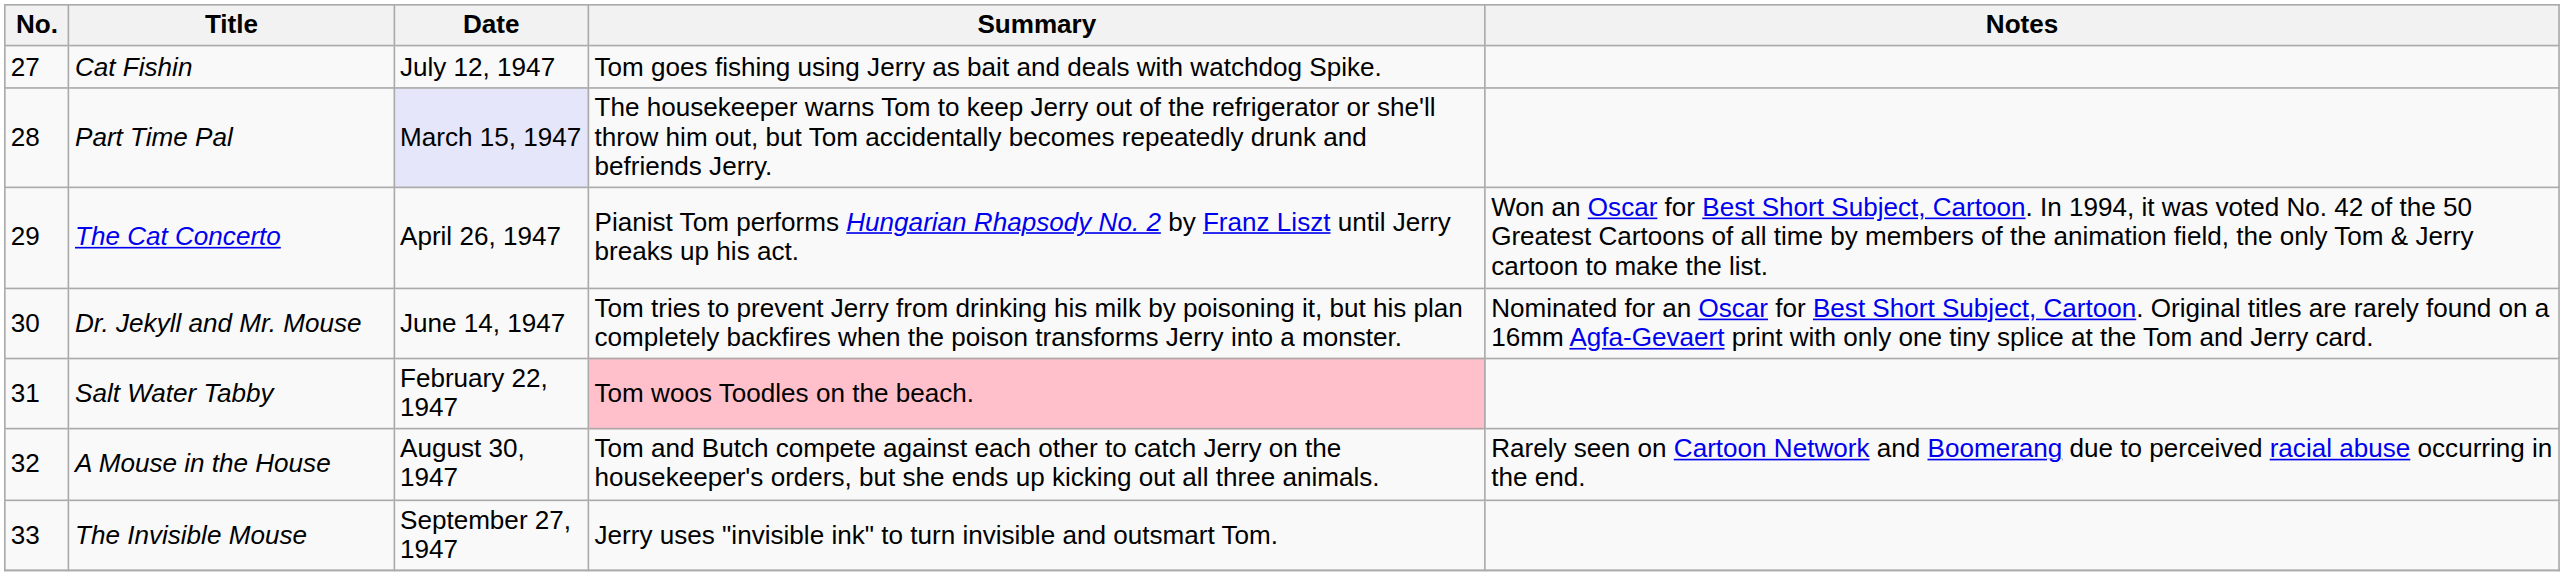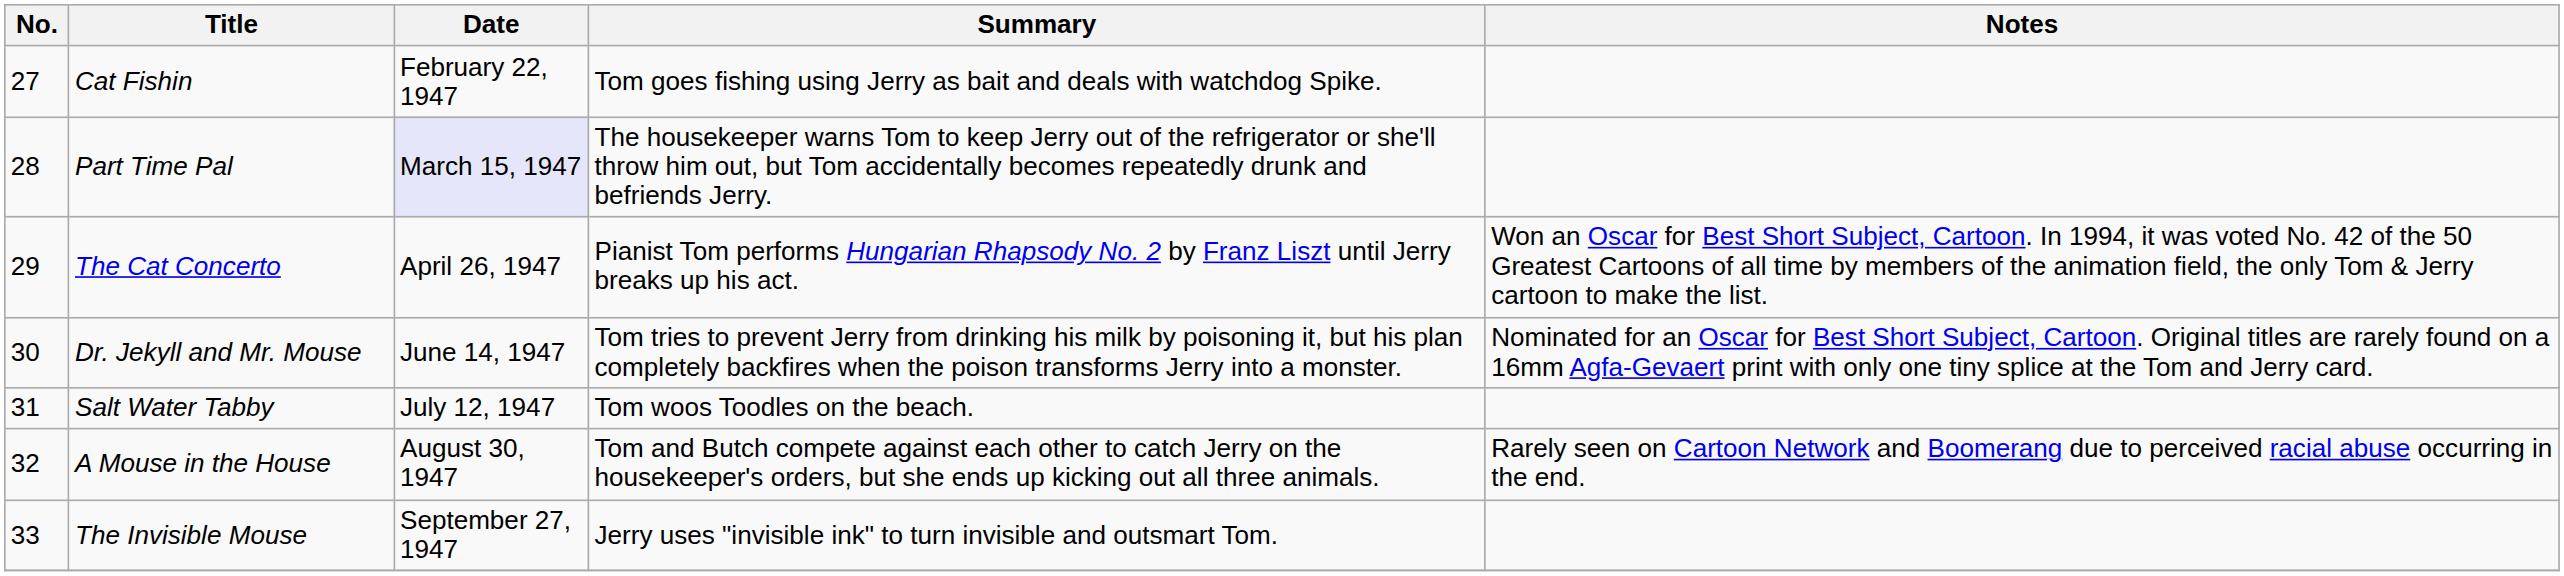 <table class="wikitable">
 <tr>
 <th style="width:2em">No.</th>
 <th style="width:12em">Title</th>
 <th style="width:7em">Date</th>
 <th>Summary</th>
 <th>Notes</th>
 </tr>
 <tr>
 <td>27</td>
 <td><em>Cat Fishin</em></td>
-<td>July 12, 1947</td>
+<td>February 22, 1947</td>
 <td>Tom goes fishing using Jerry as bait and deals with watchdog Spike.</td>
 <td></td>
 </tr>
 <tr>
 <td>28</td>
 <td><em>Part Time Pal</em></td>
 <td style="background: lavender;">March 15, 1947</td>
 <td>The housekeeper  warns Tom to keep Jerry out of the refrigerator or she'll throw him out, but Tom accidentally becomes repeatedly drunk and befriends Jerry.</td>
 <td></td>
 </tr>
 <tr>
 <td>29</td>
 <td><em><a href='#'>The Cat Concerto</a></em></td>
 <td>April 26, 1947</td>
 <td>Pianist Tom performs <em><a href='#'>Hungarian Rhapsody No. 2</a></em> by <a href='#'>Franz Liszt</a> until Jerry breaks up his act.</td>
 <td>Won an <a href='#'>Oscar</a> for <a href='#'>Best Short Subject, Cartoon</a>. In 1994, it was voted No. 42 of the 50 Greatest Cartoons of all time by members of the animation field, the only Tom & Jerry cartoon to make the list.</td>
 </tr>
 <tr>
 <td>30</td>
 <td><em>Dr. Jekyll and Mr. Mouse</em></td>
 <td>June 14, 1947</td>
 <td>Tom tries to prevent Jerry from drinking his milk by poisoning it, but his plan completely backfires when the poison transforms Jerry into a monster.</td>
 <td>Nominated for an <a href='#'>Oscar</a> for <a href='#'>Best Short Subject, Cartoon</a>. Original titles are rarely found on a 16mm <a href='#'>Agfa-Gevaert</a> print with only one tiny splice at the Tom and Jerry card.</td>
 </tr>
 <tr>
 <td>31</td>
 <td><em>Salt Water Tabby</em></td>
-<td>February 22, 1947</td>
-<td style="background: pink;">Tom woos Toodles on the beach.</td>
+<td>July 12, 1947</td>
+<td>Tom woos Toodles on the beach.</td>
 <td></td>
 </tr>
 <tr>
 <td>32</td>
 <td><em>A Mouse in the House</em></td>
 <td>August 30, 1947</td>
 <td>Tom and Butch compete against each other to catch Jerry on the housekeeper's orders, but she ends up kicking out all three animals.</td>
 <td>Rarely seen on <a href='#'>Cartoon Network</a> and <a href='#'>Boomerang</a> due to perceived <a href='#'>racial abuse</a> occurring in the end.</td>
 </tr>
 <tr>
 <td>33</td>
 <td><em>The Invisible Mouse</em></td>
 <td>September 27, 1947</td>
 <td>Jerry uses "invisible ink" to turn invisible and outsmart Tom.</td>
 <td></td>
 </tr>
 <tr>
 </tr>
 </table>
